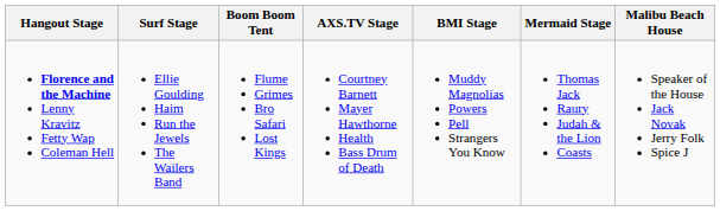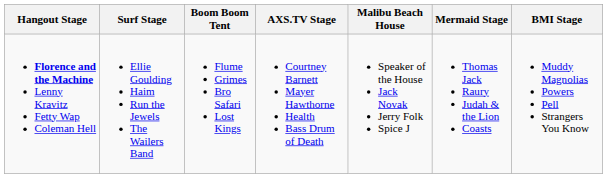 <table class="wikitable">
 <tr>
 <th>Hangout Stage</th>
 <th>Surf Stage</th>
 <th>Boom Boom Tent</th>
 <th>AXS.TV Stage</th>
+<th>Malibu Beach House</th>
+<th>Mermaid Stage</th>
 <th>BMI Stage</th>
-<th>Mermaid Stage</th>
-<th>Malibu Beach House</th>
 </tr>
 <tr valign="top">
 <td><br><ul><li><strong><a href='#'>Florence and the Machine</a></strong></li><li><a href='#'>Lenny Kravitz</a></li><li><a href='#'>Fetty Wap</a></li><li><a href='#'>Coleman Hell</a></li></ul></td>
 <td><br><ul><li><a href='#'>Ellie Goulding</a></li><li><a href='#'>Haim</a></li><li><a href='#'>Run the Jewels</a></li><li><a href='#'>The Wailers Band</a></li></ul></td>
 <td><br><ul><li><a href='#'>Flume</a></li><li><a href='#'>Grimes</a></li><li><a href='#'>Bro Safari</a></li><li><a href='#'>Lost Kings</a></li></ul></td>
 <td><br><ul><li><a href='#'>Courtney Barnett</a></li><li><a href='#'>Mayer Hawthorne</a></li><li><a href='#'>Health</a></li><li><a href='#'>Bass Drum of Death</a></li></ul></td>
+<td><br><ul><li>Speaker of the House</li><li><a href='#'>Jack Novak</a></li><li>Jerry Folk</li><li>Spice J</li></ul></td>
+<td><br><ul><li><a href='#'>Thomas Jack</a></li><li><a href='#'>Raury</a></li><li><a href='#'>Judah & the Lion</a></li><li><a href='#'>Coasts</a></li></ul></td>
 <td><br><ul><li><a href='#'>Muddy Magnolias</a></li><li><a href='#'>Powers</a></li><li><a href='#'>Pell</a></li><li>Strangers You Know</li></ul></td>
-<td><br><ul><li><a href='#'>Thomas Jack</a></li><li><a href='#'>Raury</a></li><li><a href='#'>Judah & the Lion</a></li><li><a href='#'>Coasts</a></li></ul></td>
-<td><br><ul><li>Speaker of the House</li><li><a href='#'>Jack Novak</a></li><li>Jerry Folk</li><li>Spice J</li></ul></td>
 </tr>
 </table>
